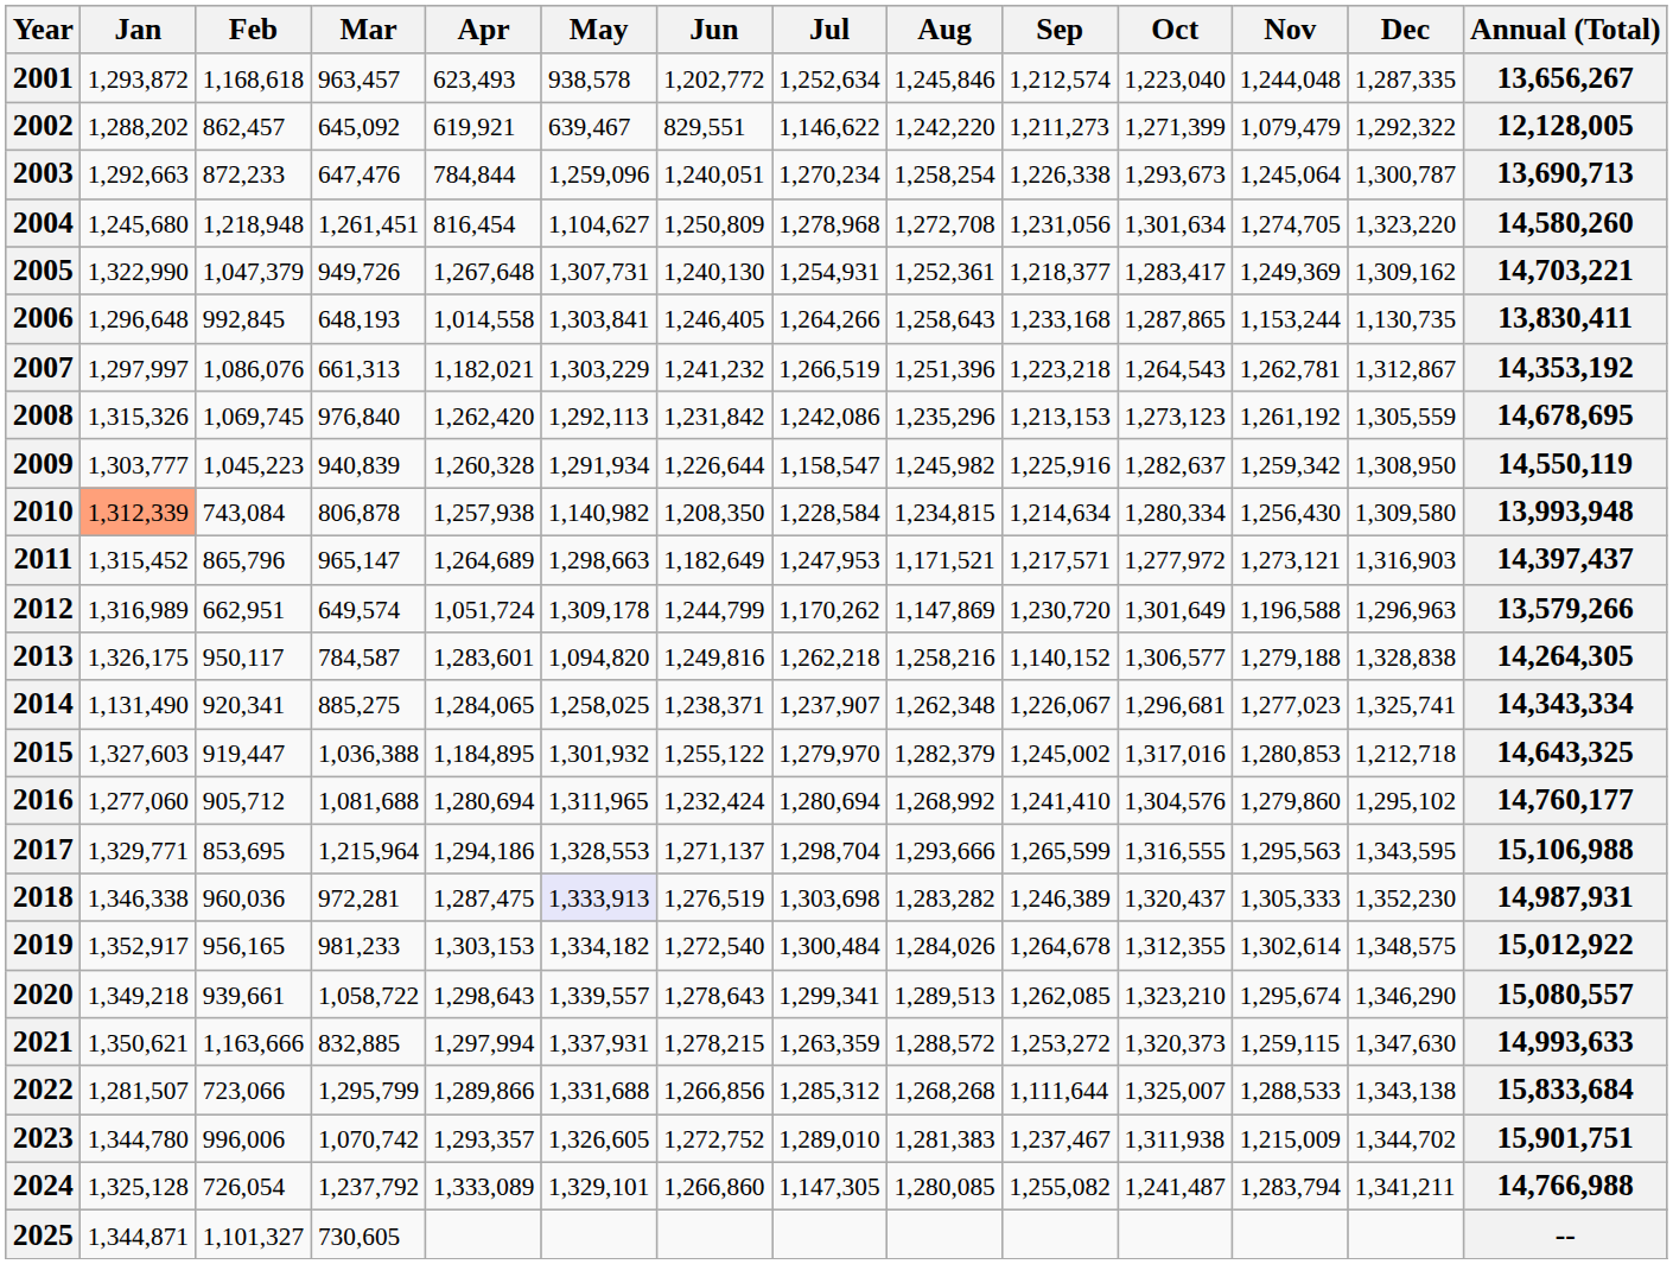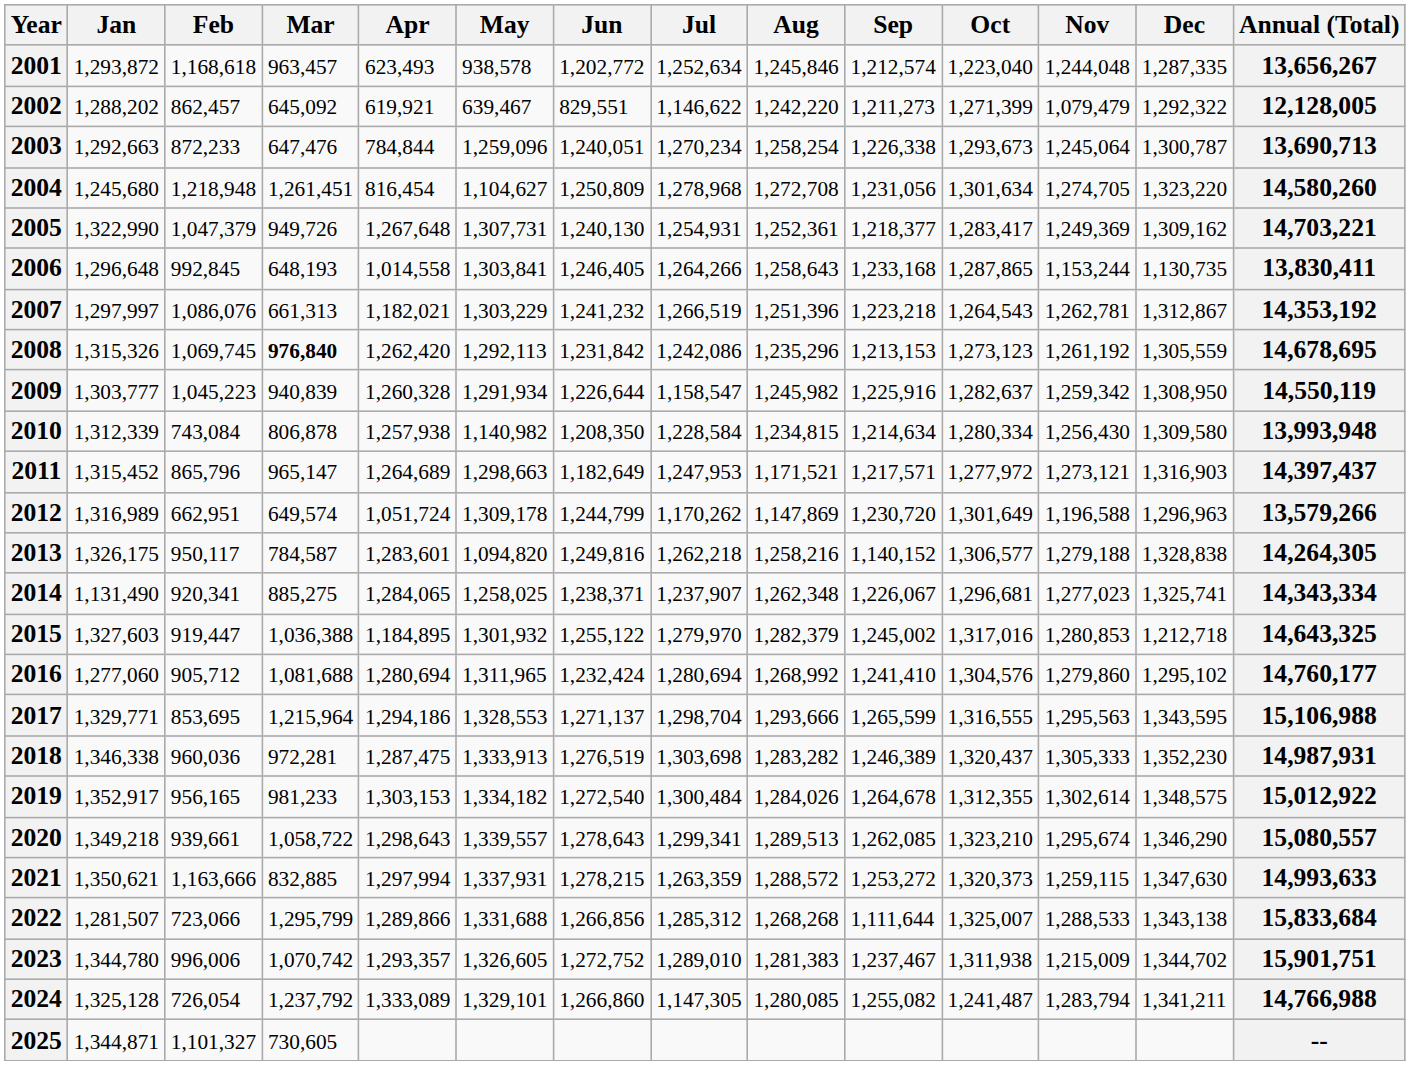 <table class="wikitable">
 <tr>
 <th>Year</th>
 <th>Jan</th>
 <th>Feb</th>
 <th>Mar</th>
 <th>Apr</th>
 <th>May</th>
 <th>Jun</th>
 <th>Jul</th>
 <th>Aug</th>
 <th>Sep</th>
 <th>Oct</th>
 <th>Nov</th>
 <th>Dec</th>
 <th>Annual (Total)</th>
 </tr>
 <tr>
 <th>2001</th>
 <td><small>1,293,872</small></td>
 <td><small>1,168,618</small></td>
 <td><small>963,457</small></td>
 <td><small>623,493</small></td>
 <td><small>938,578</small></td>
 <td><small>1,202,772</small></td>
 <td><small>1,252,634</small></td>
 <td><small>1,245,846</small></td>
 <td><small>1,212,574</small></td>
 <td><small>1,223,040</small></td>
 <td><small>1,244,048</small></td>
 <td><small>1,287,335</small></td>
 <th>13,656,267</th>
 </tr>
 <tr>
 <th>2002</th>
 <td><small>1,288,202</small></td>
 <td><small>862,457</small></td>
 <td><small>645,092</small></td>
 <td><small>619,921</small></td>
 <td><small>639,467</small></td>
 <td><small>829,551</small></td>
 <td><small>1,146,622</small></td>
 <td><small>1,242,220</small></td>
 <td><small>1,211,273</small></td>
 <td><small>1,271,399</small></td>
 <td><small>1,079,479</small></td>
 <td><small>1,292,322</small></td>
 <th>12,128,005</th>
 </tr>
 <tr>
 <th>2003</th>
 <td><small>1,292,663</small></td>
 <td><small>872,233</small></td>
 <td><small>647,476</small></td>
 <td><small>784,844</small></td>
 <td><small>1,259,096</small></td>
 <td><small>1,240,051</small></td>
 <td><small>1,270,234</small></td>
 <td><small>1,258,254</small></td>
 <td><small>1,226,338</small></td>
 <td><small>1,293,673</small></td>
 <td><small>1,245,064</small></td>
 <td><small>1,300,787</small></td>
 <th>13,690,713</th>
 </tr>
 <tr>
 <th>2004</th>
 <td><small>1,245,680</small></td>
 <td><small>1,218,948</small></td>
 <td><small>1,261,451</small></td>
 <td><small>816,454</small></td>
 <td><small>1,104,627</small></td>
 <td><small>1,250,809</small></td>
 <td><small>1,278,968</small></td>
 <td><small>1,272,708</small></td>
 <td><small>1,231,056</small></td>
 <td><small>1,301,634</small></td>
 <td><small>1,274,705</small></td>
 <td><small>1,323,220</small></td>
 <th>14,580,260</th>
 </tr>
 <tr>
 <th>2005</th>
 <td><small>1,322,990</small></td>
 <td><small>1,047,379</small></td>
 <td><small>949,726</small></td>
 <td><small>1,267,648</small></td>
 <td><small>1,307,731</small></td>
 <td><small>1,240,130</small></td>
 <td><small>1,254,931</small></td>
 <td><small>1,252,361</small></td>
 <td><small>1,218,377</small></td>
 <td><small>1,283,417</small></td>
 <td><small>1,249,369</small></td>
 <td><small>1,309,162</small></td>
 <th>14,703,221</th>
 </tr>
 <tr>
 <th>2006</th>
 <td><small>1,296,648</small></td>
 <td><small>992,845</small></td>
 <td><small>648,193</small></td>
 <td><small>1,014,558</small></td>
 <td><small>1,303,841</small></td>
 <td><small>1,246,405</small></td>
 <td><small>1,264,266</small></td>
 <td><small>1,258,643</small></td>
 <td><small>1,233,168</small></td>
 <td><small>1,287,865</small></td>
 <td><small>1,153,244</small></td>
 <td><small>1,130,735</small></td>
 <th>13,830,411</th>
 </tr>
 <tr>
 <th>2007</th>
 <td><small>1,297,997</small></td>
 <td><small>1,086,076</small></td>
 <td><small>661,313</small></td>
 <td><small>1,182,021</small></td>
 <td><small>1,303,229</small></td>
 <td><small>1,241,232</small></td>
 <td><small>1,266,519</small></td>
 <td><small>1,251,396</small></td>
 <td><small>1,223,218</small></td>
 <td><small>1,264,543</small></td>
 <td><small>1,262,781</small></td>
 <td><small>1,312,867</small></td>
 <th>14,353,192</th>
 </tr>
 <tr>
 <th>2008</th>
 <td><small>1,315,326</small></td>
 <td><small>1,069,745</small></td>
-<td><small>976,840</small></td>
+<td><strong><small>976,840</small></strong></td>
 <td><small>1,262,420</small></td>
 <td><small>1,292,113</small></td>
 <td><small>1,231,842</small></td>
 <td><small>1,242,086</small></td>
 <td><small>1,235,296</small></td>
 <td><small>1,213,153</small></td>
 <td><small>1,273,123</small></td>
 <td><small>1,261,192</small></td>
 <td><small>1,305,559</small></td>
 <th>14,678,695</th>
 </tr>
 <tr>
 <th>2009</th>
 <td><small>1,303,777</small></td>
 <td><small>1,045,223</small></td>
 <td><small>940,839</small></td>
 <td><small>1,260,328</small></td>
 <td><small>1,291,934</small></td>
 <td><small>1,226,644</small></td>
 <td><small>1,158,547</small></td>
 <td><small>1,245,982</small></td>
 <td><small>1,225,916</small></td>
 <td><small>1,282,637</small></td>
 <td><small>1,259,342</small></td>
 <td><small>1,308,950</small></td>
 <th>14,550,119</th>
 </tr>
 <tr>
 <th>2010</th>
-<td style="background: lightsalmon;"><small>1,312,339</small></td>
+<td><small>1,312,339</small></td>
 <td><small>743,084</small></td>
 <td><small>806,878</small></td>
 <td><small>1,257,938</small></td>
 <td><small>1,140,982</small></td>
 <td><small>1,208,350</small></td>
 <td><small>1,228,584</small></td>
 <td><small>1,234,815</small></td>
 <td><small>1,214,634</small></td>
 <td><small>1,280,334</small></td>
 <td><small>1,256,430</small></td>
 <td><small>1,309,580</small></td>
 <th>13,993,948</th>
 </tr>
 <tr>
 <th>2011</th>
 <td><small>1,315,452</small></td>
 <td><small>865,796</small></td>
 <td><small>965,147</small></td>
 <td><small>1,264,689</small></td>
 <td><small>1,298,663</small></td>
 <td><small>1,182,649</small></td>
 <td><small>1,247,953</small></td>
 <td><small>1,171,521</small></td>
 <td><small>1,217,571</small></td>
 <td><small>1,277,972</small></td>
 <td><small>1,273,121</small></td>
 <td><small>1,316,903</small></td>
 <th>14,397,437</th>
 </tr>
 <tr>
 <th>2012</th>
 <td><small>1,316,989</small></td>
 <td><small>662,951</small></td>
 <td><small>649,574</small></td>
 <td><small>1,051,724</small></td>
 <td><small>1,309,178</small></td>
 <td><small>1,244,799</small></td>
 <td><small>1,170,262</small></td>
 <td><small>1,147,869</small></td>
 <td><small>1,230,720</small></td>
 <td><small>1,301,649</small></td>
 <td><small>1,196,588</small></td>
 <td><small>1,296,963</small></td>
 <th>13,579,266</th>
 </tr>
 <tr>
 <th>2013</th>
 <td><small>1,326,175</small></td>
 <td><small>950,117</small></td>
 <td><small>784,587</small></td>
 <td><small>1,283,601</small></td>
 <td><small>1,094,820</small></td>
 <td><small>1,249,816</small></td>
 <td><small>1,262,218</small></td>
 <td><small>1,258,216</small></td>
 <td><small>1,140,152</small></td>
 <td><small>1,306,577</small></td>
 <td><small>1,279,188</small></td>
 <td><small>1,328,838</small></td>
 <th>14,264,305</th>
 </tr>
 <tr>
 <th>2014</th>
 <td><small>1,131,490</small></td>
 <td><small>920,341</small></td>
 <td><small>885,275</small></td>
 <td><small>1,284,065</small></td>
 <td><small>1,258,025</small></td>
 <td><small>1,238,371</small></td>
 <td><small>1,237,907</small></td>
 <td><small>1,262,348</small></td>
 <td><small>1,226,067</small></td>
 <td><small>1,296,681</small></td>
 <td><small>1,277,023</small></td>
 <td><small>1,325,741</small></td>
 <th>14,343,334</th>
 </tr>
 <tr>
 <th>2015</th>
 <td><small>1,327,603</small></td>
 <td><small>919,447</small></td>
 <td><small>1,036,388</small></td>
 <td><small>1,184,895</small></td>
 <td><small>1,301,932</small></td>
 <td><small>1,255,122</small></td>
 <td><small>1,279,970</small></td>
 <td><small>1,282,379</small></td>
 <td><small>1,245,002</small></td>
 <td><small>1,317,016</small></td>
 <td><small>1,280,853</small></td>
 <td><small>1,212,718</small></td>
 <th>14,643,325</th>
 </tr>
 <tr>
 <th>2016</th>
 <td><small>1,277,060</small></td>
 <td><small>905,712</small></td>
 <td><small>1,081,688</small></td>
 <td><small>1,280,694</small></td>
 <td><small>1,311,965</small></td>
 <td><small>1,232,424</small></td>
 <td><small>1,280,694</small></td>
 <td><small>1,268,992</small></td>
 <td><small>1,241,410</small></td>
 <td><small>1,304,576</small></td>
 <td><small>1,279,860</small></td>
 <td><small>1,295,102</small></td>
 <th>14,760,177</th>
 </tr>
 <tr>
 <th>2017</th>
 <td><small>1,329,771</small></td>
 <td><small>853,695</small></td>
 <td><small>1,215,964</small></td>
 <td><small>1,294,186</small></td>
 <td><small>1,328,553</small></td>
 <td><small>1,271,137</small></td>
 <td><small>1,298,704</small></td>
 <td><small>1,293,666</small></td>
 <td><small>1,265,599</small></td>
 <td><small>1,316,555</small></td>
 <td><small>1,295,563</small></td>
 <td><small>1,343,595</small></td>
 <th>15,106,988</th>
 </tr>
 <tr>
 <th>2018</th>
 <td><small>1,346,338</small></td>
 <td><small>960,036</small></td>
 <td><small>972,281</small></td>
 <td><small>1,287,475</small></td>
-<td style="background: lavender;"><small>1,333,913</small></td>
+<td><small>1,333,913</small></td>
 <td><small>1,276,519</small></td>
 <td><small>1,303,698</small></td>
 <td><small>1,283,282</small></td>
 <td><small>1,246,389</small></td>
 <td><small>1,320,437</small></td>
 <td><small>1,305,333</small></td>
 <td><small>1,352,230</small></td>
 <th>14,987,931</th>
 </tr>
 <tr>
 <th>2019</th>
 <td><small>1,352,917</small></td>
 <td><small>956,165</small></td>
 <td><small>981,233</small></td>
 <td><small>1,303,153</small></td>
 <td><small>1,334,182</small></td>
 <td><small>1,272,540</small></td>
 <td><small>1,300,484</small></td>
 <td><small>1,284,026</small></td>
 <td><small>1,264,678</small></td>
 <td><small>1,312,355</small></td>
 <td><small>1,302,614</small></td>
 <td><small>1,348,575</small></td>
 <th>15,012,922</th>
 </tr>
 <tr>
 <th>2020</th>
 <td><small>1,349,218</small></td>
 <td><small>939,661</small></td>
 <td><small>1,058,722</small></td>
 <td><small>1,298,643</small></td>
 <td><small>1,339,557</small></td>
 <td><small>1,278,643</small></td>
 <td><small>1,299,341</small></td>
 <td><small>1,289,513</small></td>
 <td><small>1,262,085</small></td>
 <td><small>1,323,210</small></td>
 <td><small>1,295,674</small></td>
 <td><small>1,346,290</small></td>
 <th>15,080,557</th>
 </tr>
 <tr>
 <th>2021</th>
 <td><small>1,350,621</small></td>
 <td><small>1,163,666</small></td>
 <td><small>832,885</small></td>
 <td><small>1,297,994</small></td>
 <td><small>1,337,931</small></td>
 <td><small>1,278,215</small></td>
 <td><small>1,263,359</small></td>
 <td><small>1,288,572</small></td>
 <td><small>1,253,272</small></td>
 <td><small>1,320,373</small></td>
 <td><small>1,259,115</small></td>
 <td><small>1,347,630</small></td>
 <th>14,993,633</th>
 </tr>
 <tr>
 <th>2022</th>
 <td><small>1,281,507</small></td>
 <td><small>723,066</small></td>
 <td><small>1,295,799</small></td>
 <td><small>1,289,866</small></td>
 <td><small>1,331,688</small></td>
 <td><small>1,266,856</small></td>
 <td><small>1,285,312</small></td>
 <td><small>1,268,268</small></td>
 <td><small>1,111,644</small></td>
 <td><small>1,325,007</small></td>
 <td><small>1,288,533</small></td>
 <td><small>1,343,138</small></td>
 <th>15,833,684</th>
 </tr>
 <tr>
 <th>2023</th>
 <td><small>1,344,780</small></td>
 <td><small>996,006</small></td>
 <td><small>1,070,742</small></td>
 <td><small>1,293,357</small></td>
 <td><small>1,326,605</small></td>
 <td><small>1,272,752</small></td>
 <td><small>1,289,010</small></td>
 <td><small>1,281,383</small></td>
 <td><small>1,237,467</small></td>
 <td><small>1,311,938</small></td>
 <td><small>1,215,009</small></td>
 <td><small>1,344,702</small></td>
 <th>15,901,751</th>
 </tr>
 <tr>
 <th>2024</th>
 <td><small>1,325,128</small></td>
 <td><small>726,054</small></td>
 <td><small>1,237,792</small></td>
 <td><small>1,333,089</small></td>
 <td><small>1,329,101</small></td>
 <td><small>1,266,860</small></td>
 <td><small>1,147,305</small></td>
 <td><small>1,280,085</small></td>
 <td><small>1,255,082</small></td>
 <td><small>1,241,487</small></td>
 <td><small>1,283,794</small></td>
 <td><small>1,341,211</small></td>
 <th>14,766,988</th>
 </tr>
 <tr>
 <th>2025</th>
 <td><small>1,344,871</small></td>
 <td><small>1,101,327</small></td>
 <td><small>730,605</small></td>
 <td><small></small></td>
 <td><small></small></td>
 <td><small></small></td>
 <td><small></small></td>
 <td><small></small></td>
 <td><small></small></td>
 <td><small></small></td>
 <td><small></small></td>
 <td><small></small></td>
 <th>--</th>
 </tr>
 <tr>
 </tr>
 </table>
